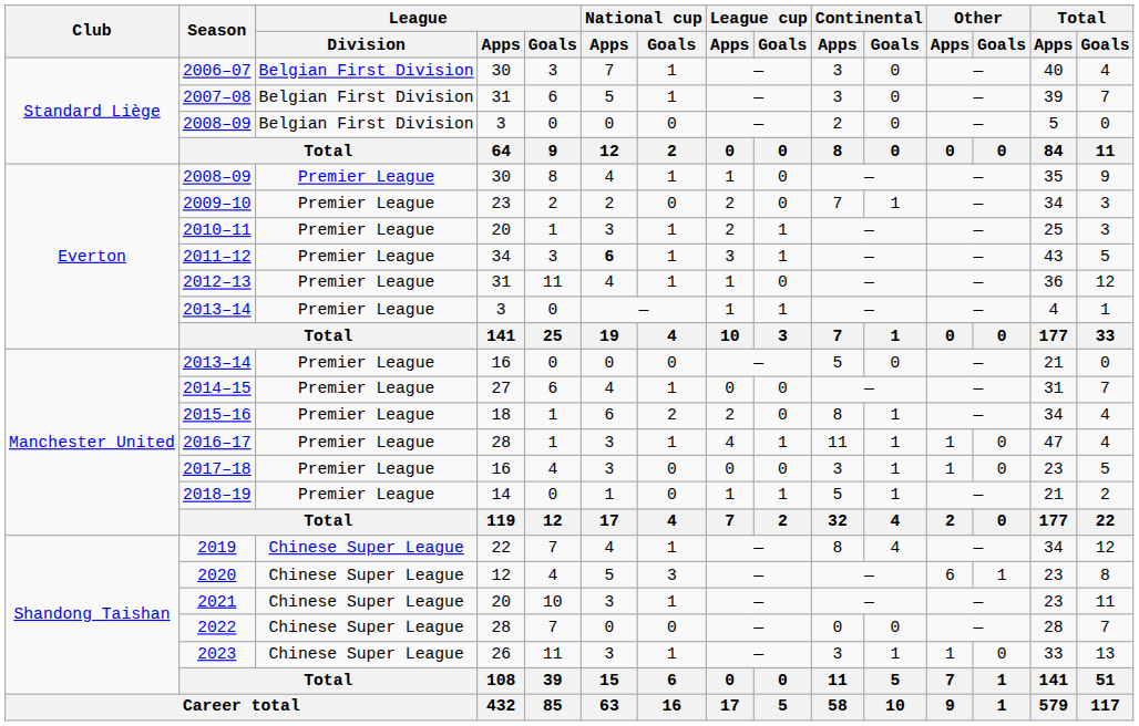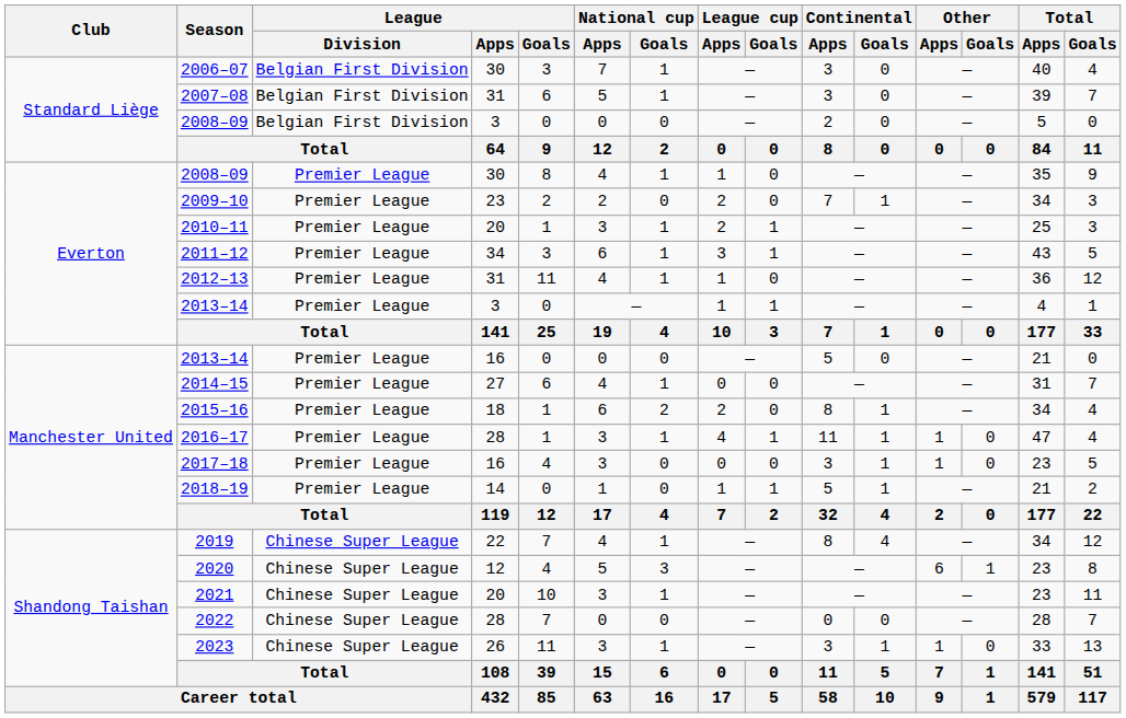 <table class="wikitable" style="text-align: center;">
 <tr>
 <th rowspan="2">Club</th>
 <th rowspan="2">Season</th>
 <th colspan="3">League</th>
 <th colspan="2">National cup</th>
 <th colspan="2">League cup</th>
 <th colspan="2">Continental</th>
 <th colspan="2">Other</th>
 <th colspan="2">Total</th>
 </tr>
 <tr>
 <th>Division</th>
 <th>Apps</th>
 <th>Goals</th>
 <th>Apps</th>
 <th>Goals</th>
 <th>Apps</th>
 <th>Goals</th>
 <th>Apps</th>
 <th>Goals</th>
 <th>Apps</th>
 <th>Goals</th>
 <th>Apps</th>
 <th>Goals</th>
 </tr>
 <tr>
 <td rowspan="4"><a href='#'>Standard Liège</a></td>
 <td><a href='#'>2006–07</a></td>
 <td><a href='#'>Belgian First Division</a></td>
 <td>30</td>
 <td>3</td>
 <td>7</td>
 <td>1</td>
 <td colspan="2">—</td>
 <td>3</td>
 <td>0</td>
 <td colspan="2">—</td>
 <td>40</td>
 <td>4</td>
 </tr>
 <tr>
 <td><a href='#'>2007–08</a></td>
 <td>Belgian First Division</td>
 <td>31</td>
 <td>6</td>
 <td>5</td>
 <td>1</td>
 <td colspan="2">—</td>
 <td>3</td>
 <td>0</td>
 <td colspan="2">—</td>
 <td>39</td>
 <td>7</td>
 </tr>
 <tr>
 <td><a href='#'>2008–09</a></td>
 <td>Belgian First Division</td>
 <td>3</td>
 <td>0</td>
 <td>0</td>
 <td>0</td>
 <td colspan="2">—</td>
 <td>2</td>
 <td>0</td>
 <td colspan="2">—</td>
 <td>5</td>
 <td>0</td>
 </tr>
 <tr>
 <th colspan="2">Total</th>
 <th>64</th>
 <th>9</th>
 <th>12</th>
 <th>2</th>
 <th>0</th>
 <th>0</th>
 <th>8</th>
 <th>0</th>
 <th>0</th>
 <th>0</th>
 <th>84</th>
 <th>11</th>
 </tr>
 <tr>
 <td rowspan="7"><a href='#'>Everton</a></td>
 <td><a href='#'>2008–09</a></td>
 <td><a href='#'>Premier League</a></td>
 <td>30</td>
 <td>8</td>
 <td>4</td>
 <td>1</td>
 <td>1</td>
 <td>0</td>
 <td colspan="2">—</td>
 <td colspan="2">—</td>
 <td>35</td>
 <td>9</td>
 </tr>
 <tr>
 <td><a href='#'>2009–10</a></td>
 <td>Premier League</td>
 <td>23</td>
 <td>2</td>
 <td>2</td>
 <td>0</td>
 <td>2</td>
 <td>0</td>
 <td>7</td>
 <td>1</td>
 <td colspan="2">—</td>
 <td>34</td>
 <td>3</td>
 </tr>
 <tr>
 <td><a href='#'>2010–11</a></td>
 <td>Premier League</td>
 <td>20</td>
 <td>1</td>
 <td>3</td>
 <td>1</td>
 <td>2</td>
 <td>1</td>
 <td colspan="2">—</td>
 <td colspan="2">—</td>
 <td>25</td>
 <td>3</td>
 </tr>
 <tr>
 <td><a href='#'>2011–12</a></td>
 <td>Premier League</td>
 <td>34</td>
 <td>3</td>
-<td><strong>6</strong></td>
+<td>6</td>
 <td>1</td>
 <td>3</td>
 <td>1</td>
 <td colspan="2">—</td>
 <td colspan="2">—</td>
 <td>43</td>
 <td>5</td>
 </tr>
 <tr>
 <td><a href='#'>2012–13</a></td>
 <td>Premier League</td>
 <td>31</td>
 <td>11</td>
 <td>4</td>
 <td>1</td>
 <td>1</td>
 <td>0</td>
 <td colspan="2">—</td>
 <td colspan="2">—</td>
 <td>36</td>
 <td>12</td>
 </tr>
 <tr>
 <td><a href='#'>2013–14</a></td>
 <td>Premier League</td>
 <td>3</td>
 <td>0</td>
 <td colspan="2">—</td>
 <td>1</td>
 <td>1</td>
 <td colspan="2">—</td>
 <td colspan="2">—</td>
 <td>4</td>
 <td>1</td>
 </tr>
 <tr>
 <th colspan="2">Total</th>
 <th>141</th>
 <th>25</th>
 <th>19</th>
 <th>4</th>
 <th>10</th>
 <th>3</th>
 <th>7</th>
 <th>1</th>
 <th>0</th>
 <th>0</th>
 <th>177</th>
 <th>33</th>
 </tr>
 <tr>
 <td rowspan="7"><a href='#'>Manchester United</a></td>
 <td><a href='#'>2013–14</a></td>
 <td>Premier League</td>
 <td>16</td>
 <td>0</td>
 <td>0</td>
 <td>0</td>
 <td colspan="2">—</td>
 <td>5</td>
 <td>0</td>
 <td colspan="2">—</td>
 <td>21</td>
 <td>0</td>
 </tr>
 <tr>
 <td><a href='#'>2014–15</a></td>
 <td>Premier League</td>
 <td>27</td>
 <td>6</td>
 <td>4</td>
 <td>1</td>
 <td>0</td>
 <td>0</td>
 <td colspan="2">—</td>
 <td colspan="2">—</td>
 <td>31</td>
 <td>7</td>
 </tr>
 <tr>
 <td><a href='#'>2015–16</a></td>
 <td>Premier League</td>
 <td>18</td>
 <td>1</td>
 <td>6</td>
 <td>2</td>
 <td>2</td>
 <td>0</td>
 <td>8</td>
 <td>1</td>
 <td colspan="2">—</td>
 <td>34</td>
 <td>4</td>
 </tr>
 <tr>
 <td><a href='#'>2016–17</a></td>
 <td>Premier League</td>
 <td>28</td>
 <td>1</td>
 <td>3</td>
 <td>1</td>
 <td>4</td>
 <td>1</td>
 <td>11</td>
 <td>1</td>
 <td>1</td>
 <td>0</td>
 <td>47</td>
 <td>4</td>
 </tr>
 <tr>
 <td><a href='#'>2017–18</a></td>
 <td>Premier League</td>
 <td>16</td>
 <td>4</td>
 <td>3</td>
 <td>0</td>
 <td>0</td>
 <td>0</td>
 <td>3</td>
 <td>1</td>
 <td>1</td>
 <td>0</td>
 <td>23</td>
 <td>5</td>
 </tr>
 <tr>
 <td><a href='#'>2018–19</a></td>
 <td>Premier League</td>
 <td>14</td>
 <td>0</td>
 <td>1</td>
 <td>0</td>
 <td>1</td>
 <td>1</td>
 <td>5</td>
 <td>1</td>
 <td colspan="2">—</td>
 <td>21</td>
 <td>2</td>
 </tr>
 <tr>
 <th colspan="2">Total</th>
 <th>119</th>
 <th>12</th>
 <th>17</th>
 <th>4</th>
 <th>7</th>
 <th>2</th>
 <th>32</th>
 <th>4</th>
 <th>2</th>
 <th>0</th>
 <th>177</th>
 <th>22</th>
 </tr>
 <tr>
 <td rowspan="6"><a href='#'>Shandong Taishan</a></td>
 <td><a href='#'>2019</a></td>
 <td><a href='#'>Chinese Super League</a></td>
 <td align=center>22</td>
 <td>7</td>
 <td>4</td>
 <td>1</td>
 <td colspan="2">—</td>
 <td>8</td>
 <td>4</td>
 <td colspan="2">—</td>
 <td>34</td>
 <td>12</td>
 </tr>
 <tr>
 <td><a href='#'>2020</a></td>
 <td>Chinese Super League</td>
 <td align=center>12</td>
 <td>4</td>
 <td>5</td>
 <td>3</td>
 <td colspan="2">—</td>
 <td colspan="2">—</td>
 <td>6</td>
 <td>1</td>
 <td>23</td>
 <td>8</td>
 </tr>
 <tr>
 <td><a href='#'>2021</a></td>
 <td>Chinese Super League</td>
 <td align=center>20</td>
 <td>10</td>
 <td>3</td>
 <td>1</td>
 <td colspan="2">—</td>
 <td colspan="2">—</td>
 <td colspan="2">—</td>
 <td>23</td>
 <td>11</td>
 </tr>
 <tr>
 <td><a href='#'>2022</a></td>
 <td>Chinese Super League</td>
 <td align=center>28</td>
 <td>7</td>
 <td>0</td>
 <td>0</td>
 <td colspan="2">—</td>
 <td>0</td>
 <td>0</td>
 <td colspan="2">—</td>
 <td>28</td>
 <td>7</td>
 </tr>
 <tr>
 <td><a href='#'>2023</a></td>
 <td>Chinese Super League</td>
 <td align=center>26</td>
 <td>11</td>
 <td>3</td>
 <td>1</td>
 <td colspan="2">—</td>
 <td>3</td>
 <td>1</td>
 <td>1</td>
 <td>0</td>
 <td>33</td>
 <td>13</td>
 </tr>
 <tr>
 <th colspan="2">Total</th>
 <th>108</th>
 <th>39</th>
 <th>15</th>
 <th>6</th>
 <th>0</th>
 <th>0</th>
 <th>11</th>
 <th>5</th>
 <th>7</th>
 <th>1</th>
 <th>141</th>
 <th>51</th>
 </tr>
 <tr>
 <th colspan="3">Career total</th>
 <th>432</th>
 <th>85</th>
 <th>63</th>
 <th>16</th>
 <th>17</th>
 <th>5</th>
 <th>58</th>
 <th>10</th>
 <th>9</th>
 <th>1</th>
 <th>579</th>
 <th>117</th>
 </tr>
 </table>
